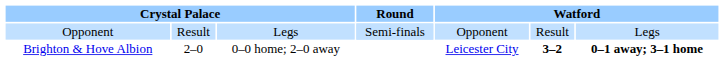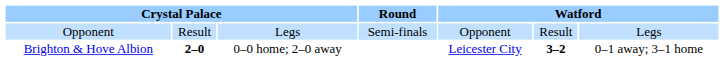 <table width="100%" bgcolor=white>
 <tr valign=top bgcolor=#99ccff>
 <th colspan=3 style="width:1*"><strong>Crystal Palace</strong></th>
 <th><strong>Round</strong></th>
 <th colspan=3 style="width:1*"><strong>Watford</strong></th>
 </tr>
 <tr valign=top align="center" bgcolor=#c1e0ff>
 <td>Opponent</td>
 <td>Result</td>
 <td>Legs</td>
 <td bgcolor=#c1e0ff>Semi-finals</td>
 <td>Opponent</td>
 <td>Result</td>
 <td>Legs</td>
 </tr>
 <tr align="center">
 <td><a href='#'>Brighton & Hove Albion</a></td>
-<td>2–0</td>
+<td><strong>2–0</strong></td>
 <td>0–0 home; 2–0 away</td>
 <td></td>
 <td><a href='#'>Leicester City</a></td>
 <td><strong>3–2</strong></td>
-<td><strong>0–1 away; 3–1 home</strong></td>
+<td>0–1 away; 3–1 home</td>
 </tr>
 </table>
